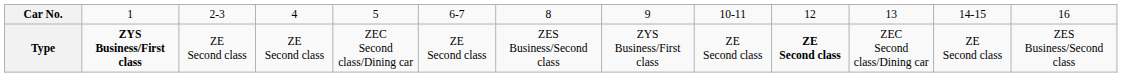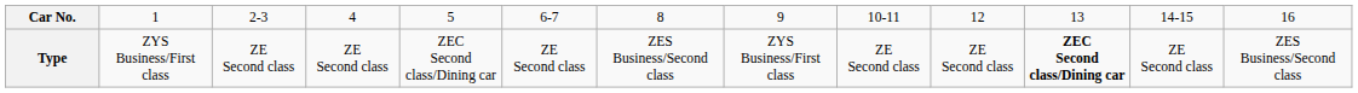 <table class="wikitable" style="text-align: center; font-size: small;">
 <tr>
 <th>Car No.</th>
 <td>1</td>
 <td>2-3</td>
 <td>4</td>
 <td>5</td>
 <td>6-7</td>
 <td>8</td>
 <td>9</td>
 <td>10-11</td>
 <td>12</td>
 <td>13</td>
 <td>14-15</td>
 <td>16</td>
 </tr>
 <tr>
 <th style="width: 5%;">Type</th>
-<td style="width: 5%;"><strong>ZYS<br>Business/First class</strong></td>
+<td style="width: 5%;">ZYS<br>Business/First class</td>
 <td style="width: 5%;">ZE<br>Second class</td>
 <td style="width: 5%;">ZE<br>Second class </td>
 <td style="width: 5%;">ZEC<br>Second class/Dining car</td>
 <td style="width: 5%;">ZE<br>Second class</td>
 <td style="width: 5%;">ZES<br>Business/Second class</td>
 <td style="width: 5%;">ZYS<br>Business/First class</td>
 <td style="width: 5%;">ZE<br>Second class</td>
-<td style="width: 5%;"><strong>ZE<br>Second class </strong></td>
-<td style="width: 5%;">ZEC<br>Second class/Dining car</td>
+<td style="width: 5%;">ZE<br>Second class </td>
+<td style="width: 5%;"><strong>ZEC<br>Second class/Dining car</strong></td>
 <td style="width: 5%;">ZE<br>Second class</td>
 <td style="width: 5%;">ZES<br>Business/Second class</td>
 </tr>
 </table>
